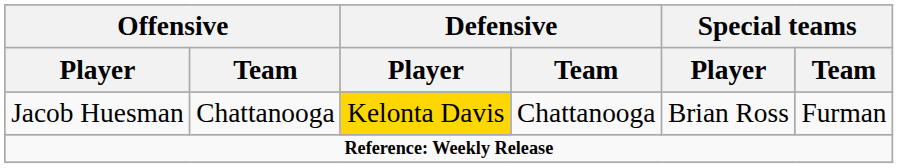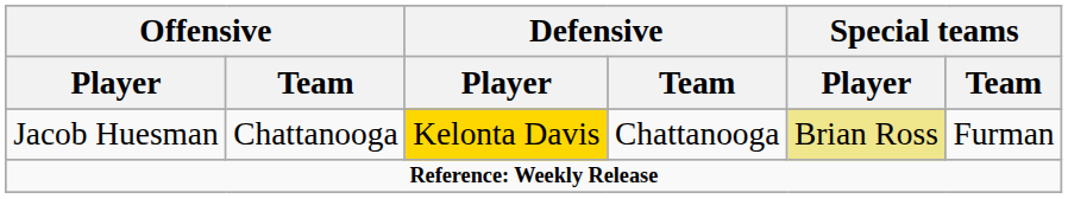 <table class="wikitable" border="1">
 <tr>
 <th colspan="2">Offensive</th>
 <th colspan="2">Defensive</th>
 <th colspan="2">Special teams</th>
 </tr>
 <tr>
 <th>Player</th>
 <th>Team</th>
 <th>Player</th>
 <th>Team</th>
 <th>Player</th>
 <th>Team</th>
 </tr>
 <tr>
 <td>Jacob Huesman</td>
 <td>Chattanooga</td>
 <td style="background: gold;">Kelonta Davis</td>
 <td>Chattanooga</td>
-<td>Brian Ross</td>
+<td style="background: khaki;">Brian Ross</td>
 <td>Furman</td>
 </tr>
 <tr>
 <td colspan="8" style="font-size: 8pt" align="center"><strong>Reference: Weekly Release</strong></td>
 </tr>
 </table>
